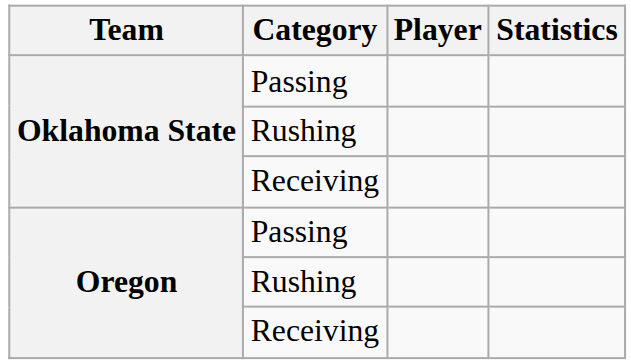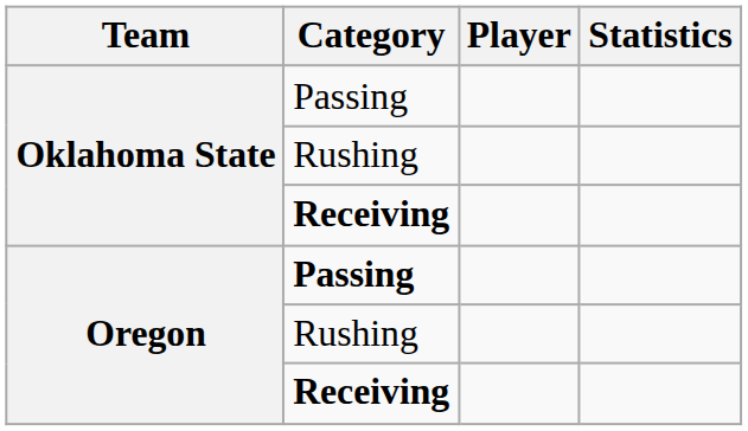 <table class="wikitable" style="float:right">
 <tr>
 <th>Team</th>
 <th>Category</th>
 <th>Player</th>
 <th>Statistics</th>
 </tr>
 <tr>
 <th rowspan=3>Oklahoma State</th>
 <td>Passing</td>
 <td></td>
 <td></td>
 </tr>
 <tr>
 <td>Rushing</td>
 <td></td>
 <td></td>
 </tr>
 <tr>
-<td>Receiving</td>
+<td><strong>Receiving</strong></td>
 <td></td>
 <td></td>
 </tr>
 <tr>
 <th rowspan=3>Oregon</th>
-<td>Passing</td>
+<td><strong>Passing</strong></td>
 <td></td>
 <td></td>
 </tr>
 <tr>
 <td>Rushing</td>
 <td></td>
 <td></td>
 </tr>
 <tr>
-<td>Receiving</td>
+<td><strong>Receiving</strong></td>
 <td></td>
 <td></td>
 </tr>
 </table>
